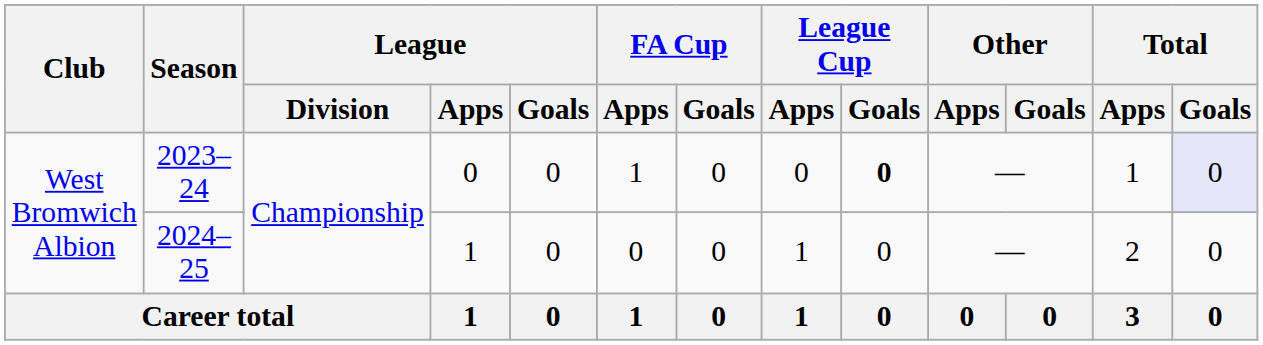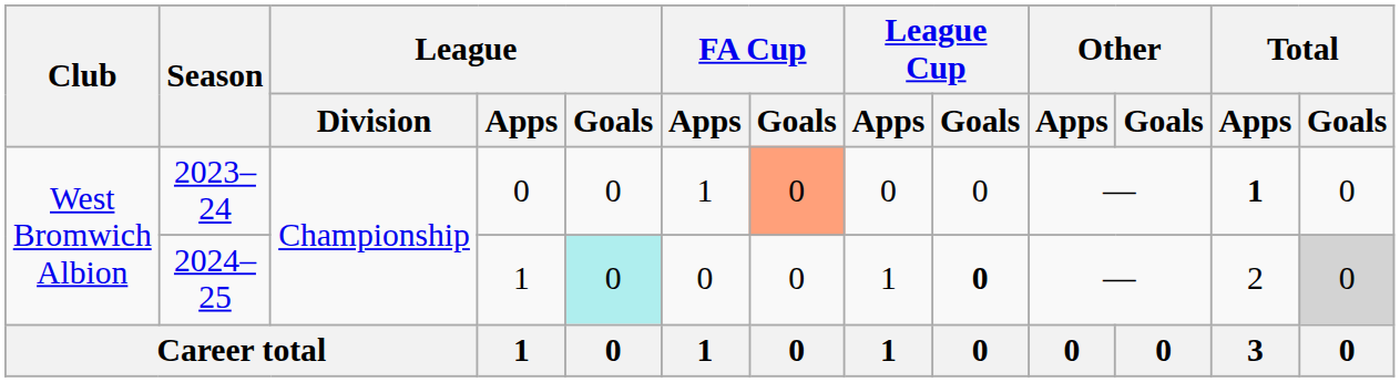 <table class="wikitable" style="text-align: center">
 <tr>
 <th rowspan="2">Club</th>
 <th rowspan="2">Season</th>
 <th colspan="3">League</th>
 <th colspan="2"><a href='#'>FA Cup</a></th>
 <th colspan="2"><a href='#'>League Cup</a></th>
 <th colspan="2">Other</th>
 <th colspan="2">Total</th>
 </tr>
 <tr>
 <th>Division</th>
 <th>Apps</th>
 <th>Goals</th>
 <th>Apps</th>
 <th>Goals</th>
 <th>Apps</th>
 <th>Goals</th>
 <th>Apps</th>
 <th>Goals</th>
 <th>Apps</th>
 <th>Goals</th>
 </tr>
 <tr>
 <td rowspan=2><a href='#'>West Bromwich Albion</a></td>
 <td><a href='#'>2023–24</a></td>
 <td rowspan=2><a href='#'>Championship</a></td>
 <td>0</td>
 <td>0</td>
 <td>1</td>
+<td style="background: lightsalmon;">0</td>
 <td>0</td>
 <td>0</td>
-<td><strong>0</strong></td>
 <td colspan=2>—</td>
-<td>1</td>
-<td style="background: lavender;">0</td>
+<td><strong>1</strong></td>
+<td>0</td>
 </tr>
 <tr>
 <td><a href='#'>2024–25</a></td>
 <td>1</td>
-<td>0</td>
+<td style="background: paleturquoise;">0</td>
 <td>0</td>
 <td>0</td>
 <td>1</td>
-<td>0</td>
+<td><strong>0</strong></td>
 <td colspan=2>—</td>
 <td>2</td>
-<td>0</td>
+<td style="background: lightgrey;">0</td>
 </tr>
 <tr>
 <th colspan="3">Career total</th>
 <th>1</th>
 <th>0</th>
 <th>1</th>
 <th>0</th>
 <th>1</th>
 <th>0</th>
 <th>0</th>
 <th>0</th>
 <th>3</th>
 <th>0</th>
 </tr>
 </table>
